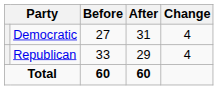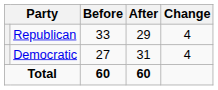 <table class="wikitable" style="text-align:center;">
 <tr>
 <th colspan="2">Party</th>
 <th>Before</th>
 <th>After</th>
 <th>Change</th>
 </tr>
 <tr>
 <th style="background-color:"></th>
-<td style="text-align:left;"><a href='#'>Democratic</a></td>
-<td>27</td>
-<td>31</td>
+<td style="text-align:left;"><a href='#'>Republican</a></td>
+<td>33</td>
+<td>29</td>
 <td> 4</td>
 </tr>
 <tr>
 <th style="background-color:"></th>
-<td style="text-align:left;"><a href='#'>Republican</a></td>
-<td>33</td>
-<td>29</td>
+<td style="text-align:left;"><a href='#'>Democratic</a></td>
+<td>27</td>
+<td>31</td>
 <td> 4</td>
 </tr>
 <tr>
 <td colspan="2"><strong>Total</strong></td>
 <td><strong>60</strong></td>
 <td><strong>60</strong></td>
 <td></td>
 </tr>
 </table>
